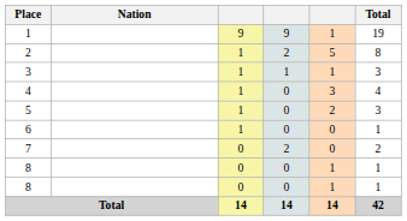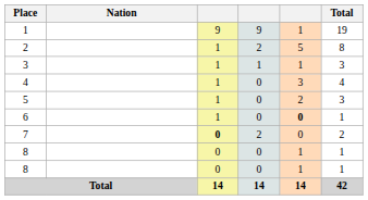 <table class=wikitable style="border:1px solid #AAAAAA;font-size:90%">
 <tr bgcolor="#EFEFEF">
 <th width=50>Place</th>
 <th width=200>Nation</th>
 <th width=50></th>
 <th width=50></th>
 <th width=50></th>
 <th width=50>Total</th>
 </tr>
 <tr align="center" valign="top" bgcolor="#FFFFFF">
 <td>1</td>
 <td align="left"></td>
 <td style="background:#F7F6A8;">9</td>
 <td style="background:#DCE5E5;">9</td>
 <td style="background:#FFDAB9;">1</td>
 <td>19</td>
 </tr>
 <tr align="center" valign="top" bgcolor="#FFFFFF">
 <td>2</td>
 <td align="left"></td>
 <td style="background:#F7F6A8;">1</td>
 <td style="background:#DCE5E5;">2</td>
 <td style="background:#FFDAB9;">5</td>
 <td>8</td>
 </tr>
 <tr align="center" valign="top" bgcolor="#FFFFFF">
 <td>3</td>
 <td align="left"></td>
 <td style="background:#F7F6A8;">1</td>
 <td style="background:#DCE5E5;">1</td>
 <td style="background:#FFDAB9;">1</td>
 <td>3</td>
 </tr>
 <tr align="center" valign="top" bgcolor="#FFFFFF">
 <td>4</td>
 <td align="left"></td>
 <td style="background:#F7F6A8;">1</td>
 <td style="background:#DCE5E5;">0</td>
 <td style="background:#FFDAB9;">3</td>
 <td>4</td>
 </tr>
 <tr align="center" valign="top" bgcolor="#FFFFFF">
 <td>5</td>
 <td align="left"></td>
 <td style="background:#F7F6A8;">1</td>
 <td style="background:#DCE5E5;">0</td>
 <td style="background:#FFDAB9;">2</td>
 <td>3</td>
 </tr>
 <tr align="center" valign="top" bgcolor="#FFFFFF">
 <td>6</td>
 <td align="left"></td>
 <td style="background:#F7F6A8;">1</td>
 <td style="background:#DCE5E5;">0</td>
-<td style="background:#FFDAB9;">0</td>
+<td style="background:#FFDAB9;"><strong>0</strong></td>
 <td>1</td>
 </tr>
 <tr align="center" valign="top" bgcolor="#FFFFFF">
 <td>7</td>
 <td align="left"></td>
-<td style="background:#F7F6A8;">0</td>
+<td style="background:#F7F6A8;"><strong>0</strong></td>
 <td style="background:#DCE5E5;">2</td>
 <td style="background:#FFDAB9;">0</td>
 <td>2</td>
 </tr>
 <tr align="center" valign="top" bgcolor="#FFFFFF">
 <td>8</td>
 <td align="left"></td>
 <td style="background:#F7F6A8;">0</td>
 <td style="background:#DCE5E5;">0</td>
 <td style="background:#FFDAB9;">1</td>
 <td>1</td>
 </tr>
 <tr align="center" valign="top" bgcolor="#FFFFFF">
 <td>8</td>
 <td align="left"></td>
 <td style="background:#F7F6A8;">0</td>
 <td style="background:#DCE5E5;">0</td>
 <td style="background:#FFDAB9;">1</td>
 <td>1</td>
 </tr>
 <tr align="center">
 <td colspan="2" bgcolor=D3D3D3><strong>Total</strong></td>
 <td style="background:#F7F6A8;"><strong>14</strong></td>
 <td style="background:#DCE5E5;"><strong>14</strong></td>
 <td style="background:#FFDAB9;"><strong>14</strong></td>
 <td bgcolor=D3D3D3><strong>42</strong></td>
 </tr>
 </table>
